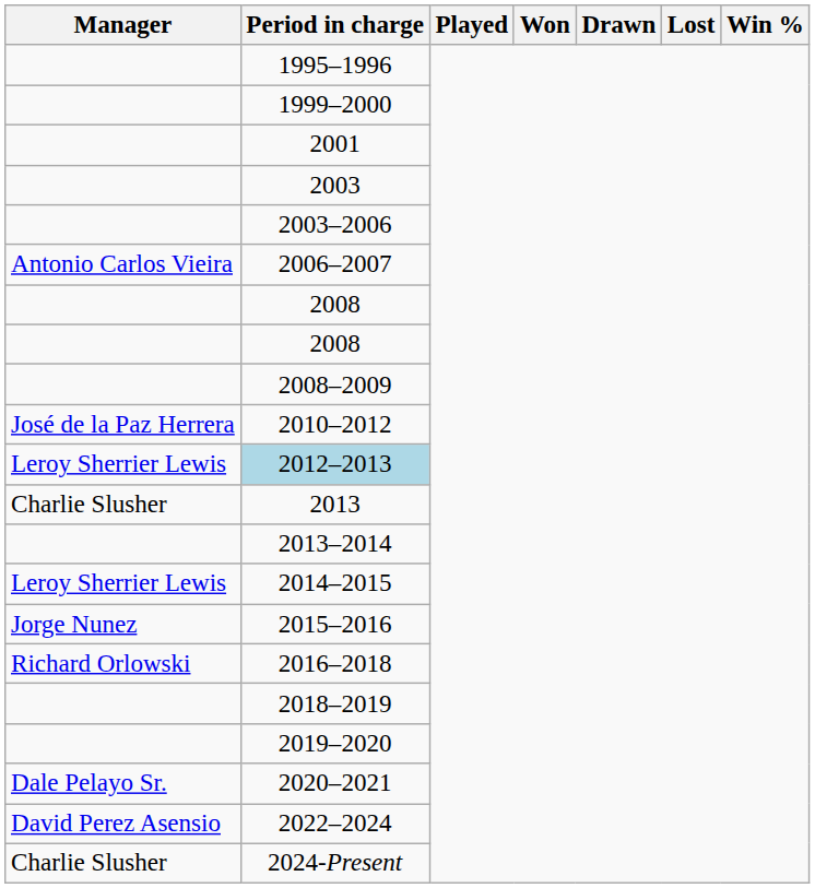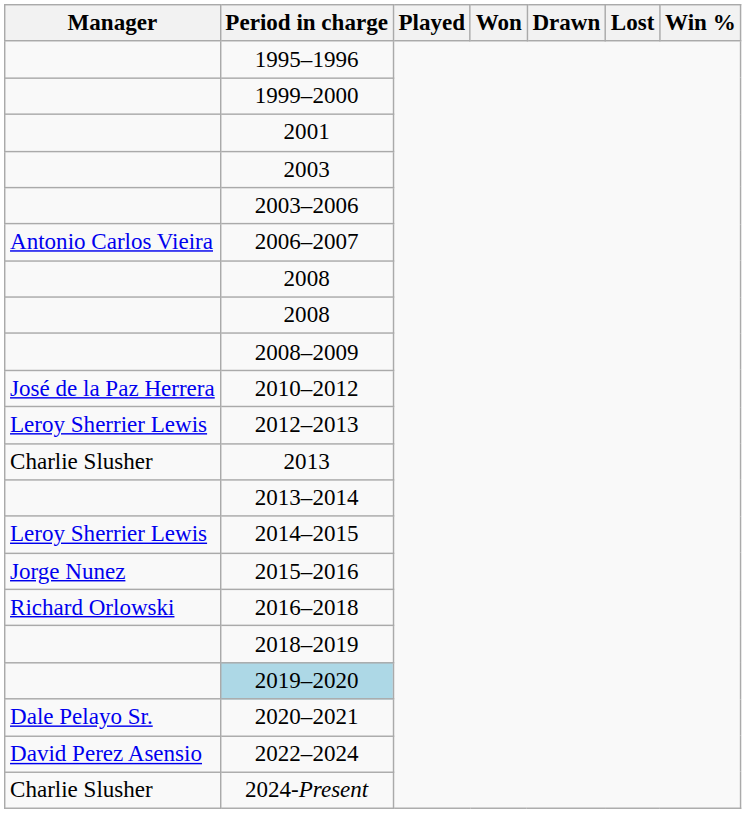 <table class="wikitable sortable" style="text-align: center;">
 <tr>
 <th>Manager</th>
 <th>Period in charge</th>
 <th>Played</th>
 <th>Won</th>
 <th>Drawn</th>
 <th>Lost</th>
 <th>Win %</th>
 </tr>
 <tr>
 <td style="text-align: left;"> </td>
 <td>1995–1996<br></td>
 </tr>
 <tr>
 <td style="text-align: left;"> </td>
 <td>1999–2000<br></td>
 </tr>
 <tr>
 <td style="text-align: left;"> </td>
 <td>2001<br></td>
 </tr>
 <tr>
 <td style="text-align: left;"> </td>
 <td>2003<br></td>
 </tr>
 <tr>
 <td style="text-align: left;"> </td>
 <td>2003–2006<br></td>
 </tr>
 <tr>
 <td style="text-align: left;"> <a href='#'>Antonio Carlos Vieira</a></td>
 <td>2006–2007<br></td>
 </tr>
 <tr>
 <td style="text-align: left;"> </td>
 <td>2008<br></td>
 </tr>
 <tr>
 <td style="text-align: left;"> </td>
 <td>2008<br></td>
 </tr>
 <tr>
 <td style="text-align: left;"> </td>
 <td>2008–2009<br></td>
 </tr>
 <tr>
 <td style="text-align: left;"> <a href='#'>José de la Paz Herrera</a></td>
 <td>2010–2012<br></td>
 </tr>
 <tr>
 <td style="text-align: left;"> <a href='#'>Leroy Sherrier Lewis</a></td>
-<td style="background: lightblue;">2012–2013<br></td>
+<td>2012–2013<br></td>
 </tr>
 <tr>
 <td style="text-align: left;"> Charlie Slusher</td>
 <td>2013<br></td>
 </tr>
 <tr>
 <td style="text-align: left;"> </td>
 <td>2013–2014<br></td>
 </tr>
 <tr>
 <td style="text-align: left;"> <a href='#'>Leroy Sherrier Lewis</a></td>
 <td>2014–2015<br></td>
 </tr>
 <tr>
 <td style="text-align: left;"> <a href='#'>Jorge Nunez</a></td>
 <td>2015–2016<br></td>
 </tr>
 <tr>
 <td style="text-align: left;">  <a href='#'>Richard Orlowski</a></td>
 <td>2016–2018<br></td>
 </tr>
 <tr>
 <td style="text-align: left;"> </td>
 <td>2018–2019<br></td>
 </tr>
 <tr>
 <td style="text-align: left;"> </td>
-<td>2019–2020<br></td>
+<td style="background: lightblue;">2019–2020<br></td>
 </tr>
 <tr>
 <td style="text-align: left;"> <a href='#'>Dale Pelayo Sr.</a></td>
 <td>2020–2021<br></td>
 </tr>
 <tr>
 <td style="text-align: left;"> <a href='#'>David Perez Asensio</a></td>
 <td>2022–2024<br></td>
 </tr>
 <tr>
 <td style="text-align: left;"> Charlie Slusher</td>
 <td>2024-<em>Present</em><br></td>
 </tr>
 </table>
